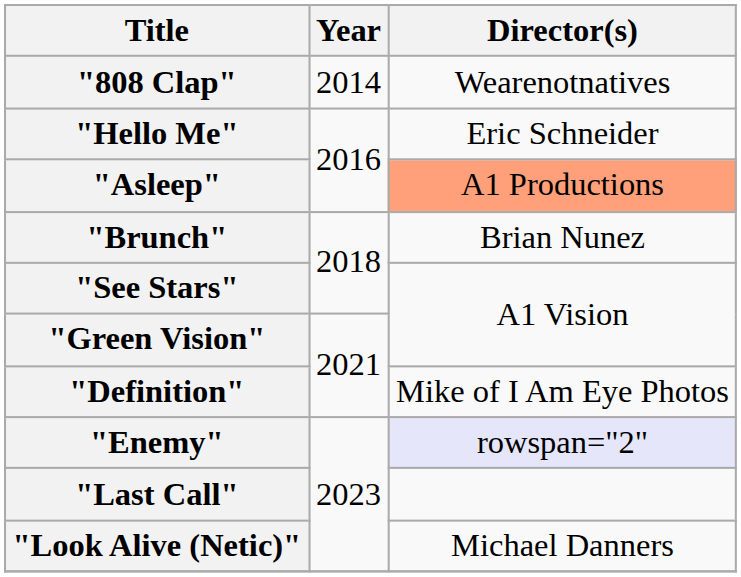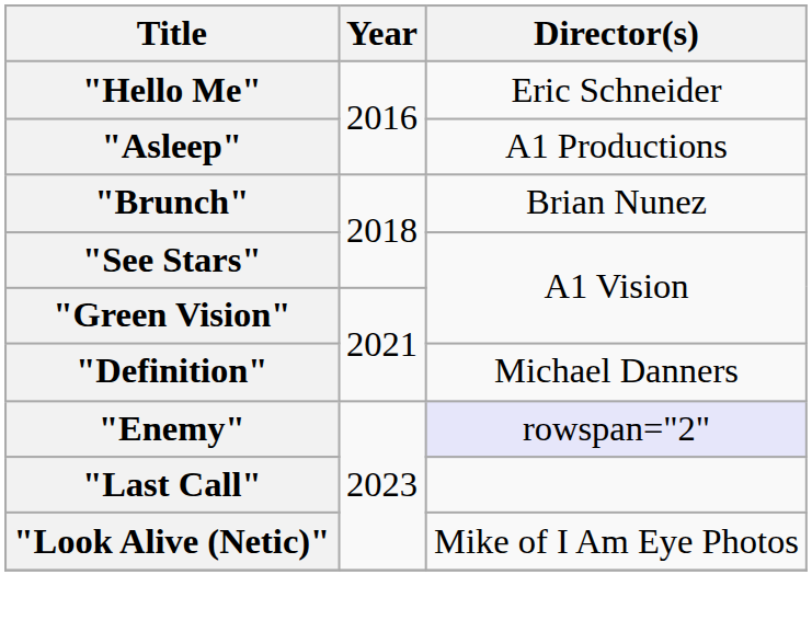 <table class="wikitable plainrowheaders" style="text-align:center">
 <tr>
 <th scope="col">Title</th>
 <th scope="col">Year</th>
 <th scope="col">Director(s)</th>
-</tr>
-<tr>
-<th scope="row">"808 Clap"</th>
-<td>2014</td>
-<td>Wearenotnatives</td>
 </tr>
 <tr>
 <th scope="row">"Hello Me"</th>
 <td rowspan="2">2016</td>
 <td>Eric Schneider</td>
 </tr>
 <tr>
 <th scope="row">"Asleep"</th>
-<td style="background: lightsalmon;">A1 Productions</td>
+<td>A1 Productions</td>
 </tr>
 <tr>
 <th scope="row">"Brunch"</th>
 <td rowspan="2">2018</td>
 <td>Brian Nunez</td>
 </tr>
 <tr>
 <th scope="row">"See Stars"</th>
 <td rowspan="2">A1 Vision</td>
 </tr>
 <tr>
 <th scope="row">"Green Vision"</th>
 <td rowspan="2">2021</td>
 </tr>
 <tr>
 <th scope="row">"Definition"</th>
-<td>Mike of I Am Eye Photos</td>
+<td>Michael Danners</td>
 </tr>
 <tr>
 <th scope="row">"Enemy"</th>
 <td rowspan="3">2023</td>
 <td style="background: lavender;">rowspan="2" </td>
 </tr>
 <tr>
 <th scope="row">"Last Call"</th>
 </tr>
 <tr>
 <th scope="row">"Look Alive (Netic)"</th>
-<td>Michael Danners</td>
+<td>Mike of I Am Eye Photos</td>
 </tr>
 <tr>
 </tr>
 </table>
